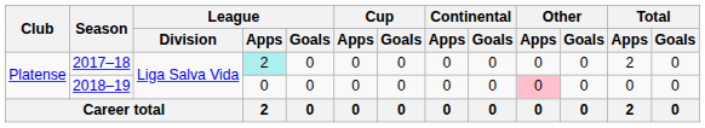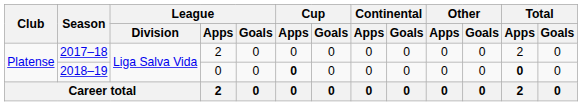 <table class="wikitable" style="text-align: center">
 <tr>
 <th rowspan="2">Club</th>
 <th rowspan="2">Season</th>
 <th colspan="3">League</th>
 <th colspan="2">Cup</th>
 <th colspan="2">Continental</th>
 <th colspan="2">Other</th>
 <th colspan="2">Total</th>
 </tr>
 <tr>
 <th>Division</th>
 <th>Apps</th>
 <th>Goals</th>
 <th>Apps</th>
 <th>Goals</th>
 <th>Apps</th>
 <th>Goals</th>
 <th>Apps</th>
 <th>Goals</th>
 <th>Apps</th>
 <th>Goals</th>
 </tr>
 <tr>
 <td rowspan="2"><a href='#'>Platense</a></td>
 <td><a href='#'>2017–18</a></td>
 <td rowspan="2"><a href='#'>Liga Salva Vida</a></td>
-<td style="background: paleturquoise;">2</td>
+<td>2</td>
 <td>0</td>
 <td>0</td>
 <td>0</td>
 <td>0</td>
 <td>0</td>
 <td>0</td>
 <td>0</td>
 <td>2</td>
 <td>0</td>
 </tr>
 <tr>
 <td><a href='#'>2018–19</a></td>
 <td>0</td>
 <td>0</td>
+<td><strong>0</strong></td>
 <td>0</td>
 <td>0</td>
 <td>0</td>
 <td>0</td>
-<td style="background: pink;">0</td>
 <td>0</td>
-<td>0</td>
+<td><strong>0</strong></td>
 <td>0</td>
 </tr>
 <tr>
 <th colspan="3"><strong>Career total</strong></th>
 <th>2</th>
 <th>0</th>
 <th>0</th>
 <th>0</th>
 <th>0</th>
 <th>0</th>
 <th>0</th>
 <th>0</th>
 <th>2</th>
 <th>0</th>
 </tr>
 </table>
